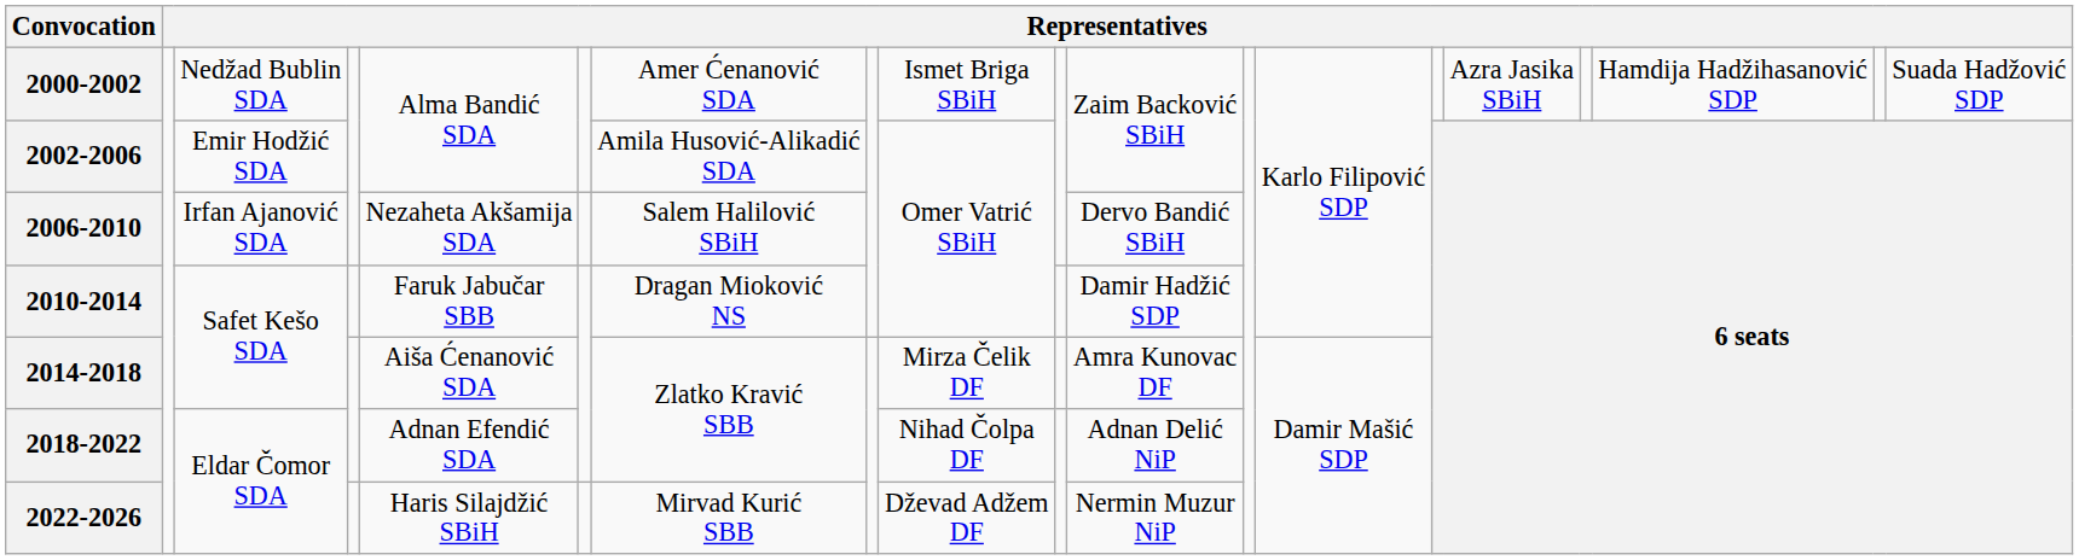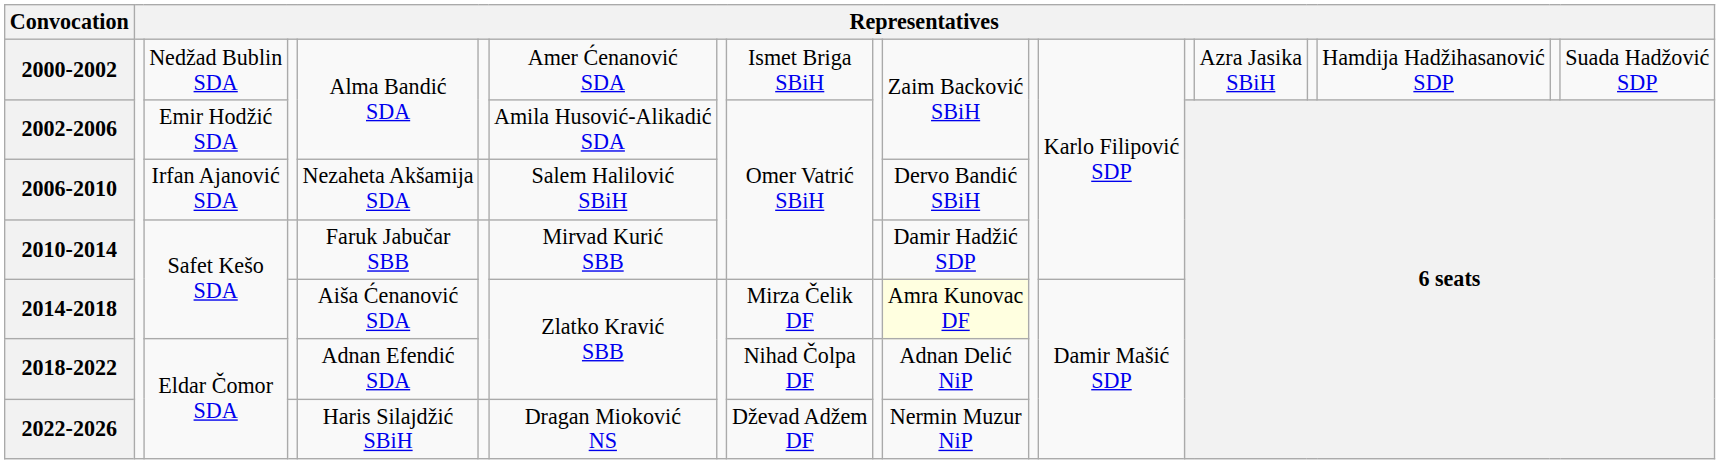 <table class="wikitable" style="text-align:center">
 <tr>
 <th>Convocation</th>
 <th colspan=24>Representatives</th>
 </tr>
 <tr>
 <th>2000-2002</th>
 <td rowspan=7; style="background-color: "></td>
 <td rowspan=1>Nedžad Bublin<br><a href='#'>SDA</a></td>
 <td rowspan=3; style="background-color: "></td>
 <td rowspan=2>Alma Bandić<br><a href='#'>SDA</a></td>
 <td rowspan=2; style="background-color: "></td>
 <td rowspan=1>Amer Ćenanović<br><a href='#'>SDA</a></td>
 <td rowspan=4; style="background-color: "></td>
 <td rowspan=1>Ismet Briga<br><a href='#'>SBiH</a></td>
 <td rowspan=3; style="background-color: "></td>
 <td rowspan=2>Zaim Backović<br><a href='#'>SBiH</a></td>
 <td rowspan=7; style="background-color: "></td>
 <td rowspan=4>Karlo Filipović<br><a href='#'>SDP</a></td>
 <td rowspan=1; style="background-color: "></td>
 <td rowspan=1>Azra Jasika<br><a href='#'>SBiH</a></td>
 <td rowspan=1; style="background-color: "></td>
 <td rowspan=1>Hamdija Hadžihasanović<br><a href='#'>SDP</a></td>
 <td rowspan=1; style="background-color: "></td>
 <td rowspan=1>Suada Hadžović<br><a href='#'>SDP</a></td>
 </tr>
 <tr>
 <th>2002-2006</th>
 <td rowspan=1>Emir Hodžić<br><a href='#'>SDA</a></td>
 <td rowspan=1>Amila Husović-Alikadić<br><a href='#'>SDA</a></td>
 <td rowspan=3>Omer Vatrić<br><a href='#'>SBiH</a></td>
 <th rowspan=6; colspan=6>6 seats</th>
 </tr>
 <tr>
 <th>2006-2010</th>
 <td rowspan=1>Irfan Ajanović<br><a href='#'>SDA</a></td>
 <td rowspan=1>Nezaheta Akšamija<br><a href='#'>SDA</a></td>
 <td rowspan=1; style="background-color: "></td>
 <td rowspan=1>Salem Halilović<br><a href='#'>SBiH</a></td>
 <td rowspan=1>Dervo Bandić<br><a href='#'>SBiH</a></td>
 </tr>
 <tr>
 <th>2010-2014</th>
 <td rowspan=2>Safet Kešo<br><a href='#'>SDA</a></td>
 <td rowspan=1; style="background-color: "></td>
 <td>Faruk Jabučar<br><a href='#'>SBB</a></td>
 <td rowspan=3; style="background-color: "></td>
-<td rowspan=1>Dragan Mioković<br><a href='#'>NS</a></td>
+<td rowspan=1>Mirvad Kurić<br><a href='#'>SBB</a></td>
 <td rowspan=1; style="background-color: "></td>
 <td rowspan=1>Damir Hadžić<br><a href='#'>SDP</a></td>
 </tr>
 <tr>
 <th>2014-2018</th>
 <td rowspan=2; style="background-color: "></td>
 <td rowspan=1>Aiša Ćenanović<br><a href='#'>SDA</a></td>
 <td rowspan=2>Zlatko Kravić<br><a href='#'>SBB</a></td>
 <td rowspan=3; style="background-color: "></td>
 <td rowspan=1>Mirza Čelik<br><a href='#'>DF</a></td>
 <td rowspan=1; style="background-color: "></td>
-<td rowspan=1>Amra Kunovac<br><a href='#'>DF</a></td>
+<td rowspan=1 style="background: lightyellow;">Amra Kunovac<br><a href='#'>DF</a></td>
 <td rowspan=3>Damir Mašić<br><a href='#'>SDP</a></td>
 </tr>
 <tr>
 <th>2018-2022</th>
 <td rowspan=2>Eldar Čomor<br><a href='#'>SDA</a></td>
 <td rowspan=1>Adnan Efendić<br><a href='#'>SDA</a></td>
 <td rowspan=1>Nihad Čolpa<br><a href='#'>DF</a></td>
 <td rowspan=2; style="background-color: "></td>
 <td rowspan=1>Adnan Delić<br><a href='#'>NiP</a></td>
 </tr>
 <tr>
 <th>2022-2026</th>
 <td rowspan=1; style="background-color: "></td>
 <td rowspan=1>Haris Silajdžić<br><a href='#'>SBiH</a></td>
 <td rowspan=1; style="background-color: "></td>
-<td rowspan=1>Mirvad Kurić<br><a href='#'>SBB</a></td>
+<td rowspan=1>Dragan Mioković<br><a href='#'>NS</a></td>
 <td rowspan=1>Dževad Adžem<br><a href='#'>DF</a></td>
 <td rowspan=1>Nermin Muzur<br><a href='#'>NiP</a></td>
 </tr>
 </table>
